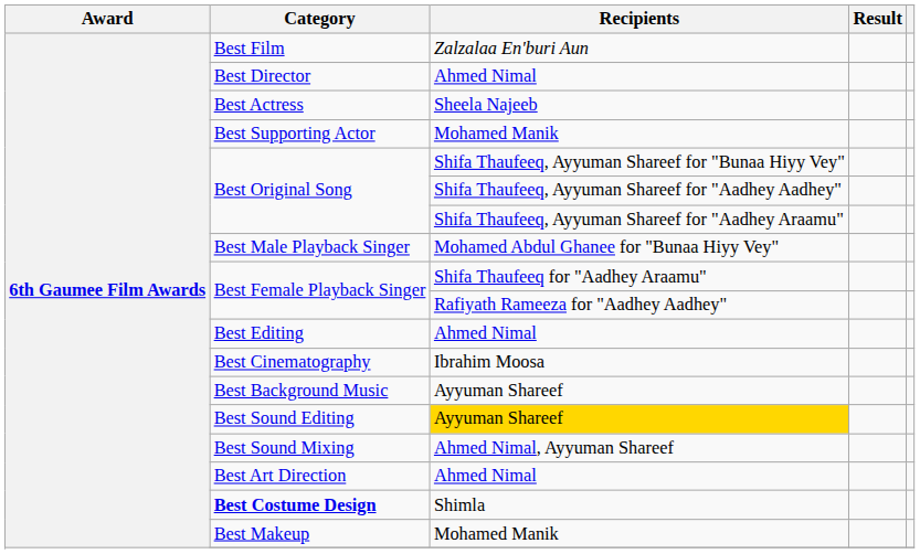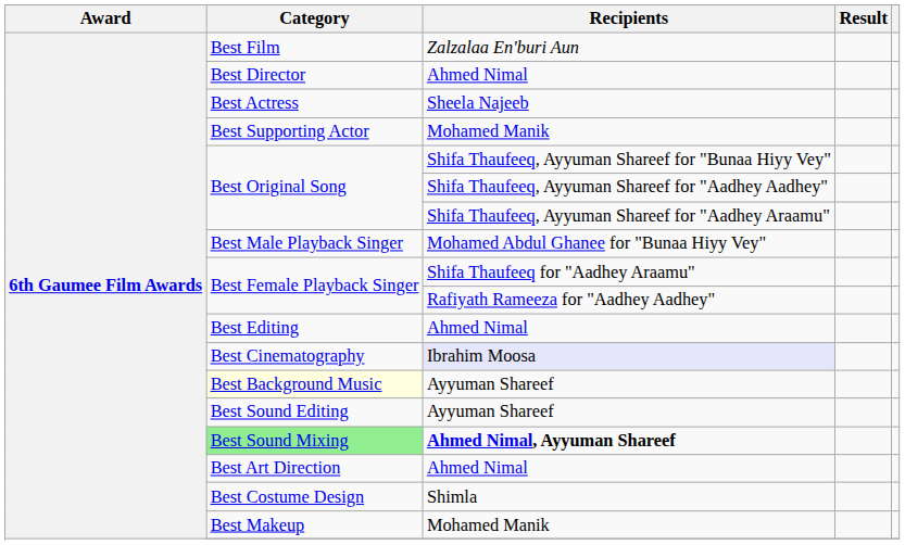 <table class="wikitable plainrowheaders sortable">
 <tr>
 <th scope="col">Award</th>
 <th scope="col">Category</th>
 <th scope="col">Recipients</th>
 <th scope="col">Result</th>
 <th scope="col" class="unsortable"></th>
 </tr>
 <tr>
 <th scope="row" rowspan="22"><a href='#'>6th Gaumee Film Awards</a></th>
 <td><a href='#'>Best Film</a></td>
 <td><em>Zalzalaa En'buri Aun</em></td>
 <td></td>
 <td style="text-align:center;"></td>
 </tr>
 <tr>
 <td><a href='#'>Best Director</a></td>
 <td><a href='#'>Ahmed Nimal</a></td>
 <td></td>
 <td style="text-align:center;"></td>
 </tr>
 <tr>
 <td><a href='#'>Best Actress</a></td>
 <td><a href='#'>Sheela Najeeb</a></td>
 <td></td>
 <td style="text-align:center;"></td>
 </tr>
 <tr>
 <td><a href='#'>Best Supporting Actor</a></td>
 <td><a href='#'>Mohamed Manik</a></td>
 <td></td>
 <td style="text-align:center;"></td>
 </tr>
 <tr>
 <td rowspan="3"><a href='#'>Best Original Song</a></td>
 <td><a href='#'>Shifa Thaufeeq</a>, Ayyuman Shareef for "Bunaa Hiyy Vey"</td>
 <td></td>
 <td style="text-align:center;"></td>
 </tr>
 <tr>
 <td><a href='#'>Shifa Thaufeeq</a>, Ayyuman Shareef for "Aadhey Aadhey"</td>
 <td></td>
 <td style="text-align:center;"></td>
 </tr>
 <tr>
 <td><a href='#'>Shifa Thaufeeq</a>, Ayyuman Shareef for "Aadhey Araamu"</td>
 <td></td>
 <td style="text-align:center;"></td>
 </tr>
 <tr>
 <td><a href='#'>Best Male Playback Singer</a></td>
 <td><a href='#'>Mohamed Abdul Ghanee</a> for "Bunaa Hiyy Vey"</td>
 <td></td>
 <td style="text-align:center;"></td>
 </tr>
 <tr>
 <td rowspan="2"><a href='#'>Best Female Playback Singer</a></td>
 <td><a href='#'>Shifa Thaufeeq</a> for "Aadhey Araamu"</td>
 <td></td>
 <td style="text-align:center;"></td>
 </tr>
 <tr>
 <td><a href='#'>Rafiyath Rameeza</a> for "Aadhey Aadhey"</td>
 <td></td>
 <td style="text-align:center;"></td>
 </tr>
 <tr>
 <td><a href='#'>Best Editing</a></td>
 <td><a href='#'>Ahmed Nimal</a></td>
 <td></td>
 <td style="text-align:center;"></td>
 </tr>
 <tr>
 <td><a href='#'>Best Cinematography</a></td>
-<td>Ibrahim Moosa</td>
+<td style="background: lavender;">Ibrahim Moosa</td>
 <td></td>
 <td style="text-align:center;"></td>
 </tr>
 <tr>
-<td><a href='#'>Best Background Music</a></td>
+<td style="background: lightyellow;"><a href='#'>Best Background Music</a></td>
 <td>Ayyuman Shareef</td>
 <td></td>
 <td style="text-align:center;"></td>
 </tr>
 <tr>
 <td><a href='#'>Best Sound Editing</a></td>
-<td style="background: gold;">Ayyuman Shareef</td>
+<td>Ayyuman Shareef</td>
 <td></td>
 <td style="text-align:center;"></td>
 </tr>
 <tr>
-<td><a href='#'>Best Sound Mixing</a></td>
-<td><a href='#'>Ahmed Nimal</a>, Ayyuman Shareef</td>
+<td style="background: lightgreen;"><a href='#'>Best Sound Mixing</a></td>
+<td><strong><a href='#'>Ahmed Nimal</a>, Ayyuman Shareef</strong></td>
 <td></td>
 <td style="text-align:center;"></td>
 </tr>
 <tr>
 <td><a href='#'>Best Art Direction</a></td>
 <td><a href='#'>Ahmed Nimal</a></td>
 <td></td>
 <td style="text-align:center;"></td>
 </tr>
 <tr>
-<td><strong><a href='#'>Best Costume Design</a></strong></td>
+<td><a href='#'>Best Costume Design</a></td>
 <td>Shimla</td>
 <td></td>
 <td style="text-align:center;"></td>
 </tr>
 <tr>
 <td><a href='#'>Best Makeup</a></td>
 <td>Mohamed Manik</td>
 <td></td>
 <td style="text-align:center;"></td>
 </tr>
 <tr>
 </tr>
 </table>
